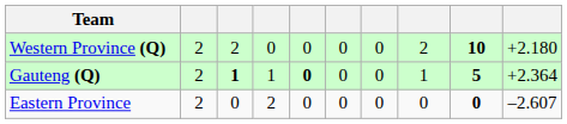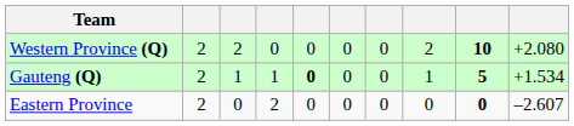 <table class="wikitable" style="text-align:center">
 <tr>
 <th width="150">Team</th>
 <th width="25"></th>
 <th width="25"></th>
 <th width="25"></th>
 <th width="25"></th>
 <th width="25"></th>
 <th width="25"></th>
 <th width="40"></th>
 <th width="40"></th>
 <th width="45"></th>
 </tr>
 <tr style="background:#cfc">
 <td style="text-align:left"><a href='#'>Western Province</a> <strong>(Q)</strong></td>
 <td>2</td>
 <td>2</td>
 <td>0</td>
 <td>0</td>
 <td>0</td>
 <td>0</td>
 <td>2</td>
 <td><strong>10</strong></td>
-<td>+2.180</td>
+<td>+2.080</td>
 </tr>
 <tr style="background:#cfc">
 <td style="text-align:left"><a href='#'>Gauteng</a> <strong>(Q)</strong></td>
 <td>2</td>
-<td><strong>1</strong></td>
+<td>1</td>
 <td>1</td>
 <td><strong>0</strong></td>
 <td>0</td>
 <td>0</td>
 <td>1</td>
 <td><strong>5</strong></td>
-<td>+2.364</td>
+<td>+1.534</td>
 </tr>
 <tr>
 <td style="text-align:left"><a href='#'>Eastern Province</a></td>
 <td>2</td>
 <td>0</td>
 <td>2</td>
 <td>0</td>
 <td>0</td>
 <td>0</td>
 <td>0</td>
 <td><strong>0</strong></td>
 <td>–2.607</td>
 </tr>
 </table>
